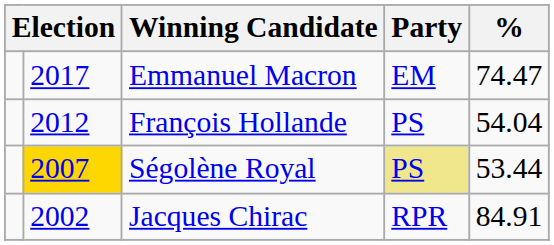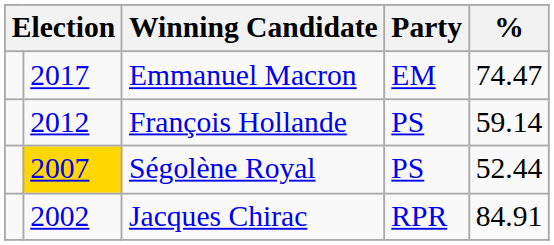 <table class="wikitable">
 <tr>
 <th colspan="2">Election</th>
 <th>Winning Candidate</th>
 <th>Party</th>
 <th>%</th>
 </tr>
 <tr>
 <td style="background-color: "></td>
 <td><a href='#'>2017</a></td>
 <td><a href='#'>Emmanuel Macron</a></td>
 <td><a href='#'>EM</a></td>
 <td>74.47</td>
 </tr>
 <tr>
 <td style="background-color: "></td>
 <td><a href='#'>2012</a></td>
 <td><a href='#'>François Hollande</a></td>
 <td><a href='#'>PS</a></td>
-<td>54.04</td>
+<td>59.14</td>
 </tr>
 <tr>
 <td style="background-color: "></td>
 <td style="background: gold;"><a href='#'>2007</a></td>
 <td><a href='#'>Ségolène Royal</a></td>
-<td style="background: khaki;"><a href='#'>PS</a></td>
-<td>53.44</td>
+<td><a href='#'>PS</a></td>
+<td>52.44</td>
 </tr>
 <tr>
 <td style="background-color: "></td>
 <td><a href='#'>2002</a></td>
 <td><a href='#'>Jacques Chirac</a></td>
 <td><a href='#'>RPR</a></td>
 <td>84.91</td>
 </tr>
 </table>
